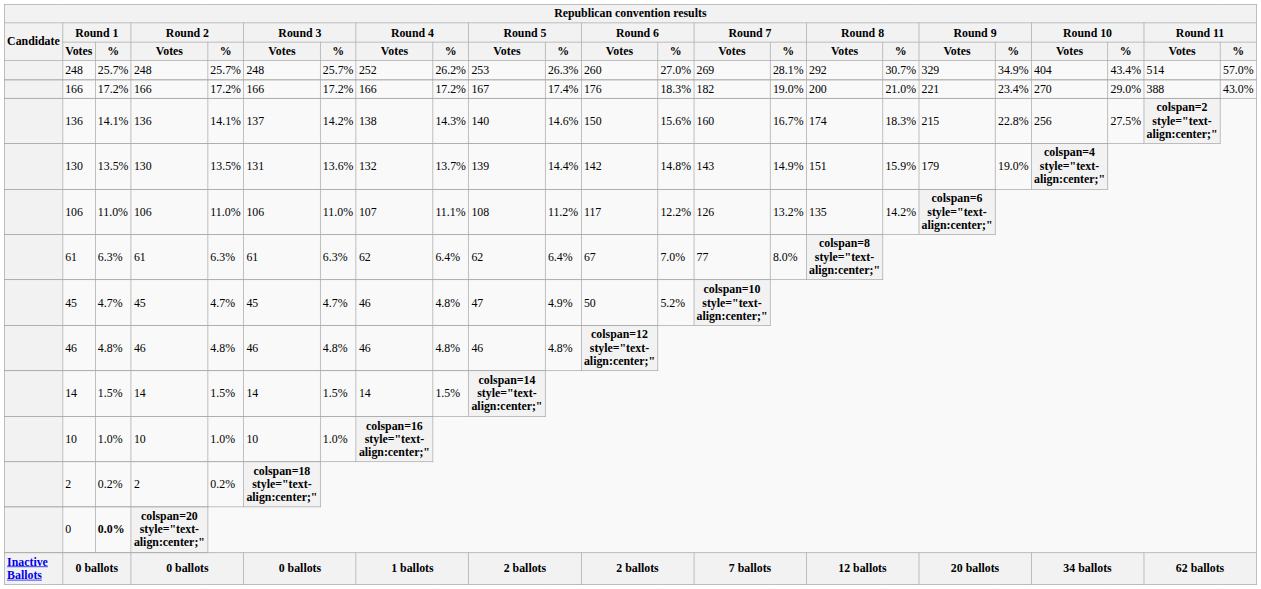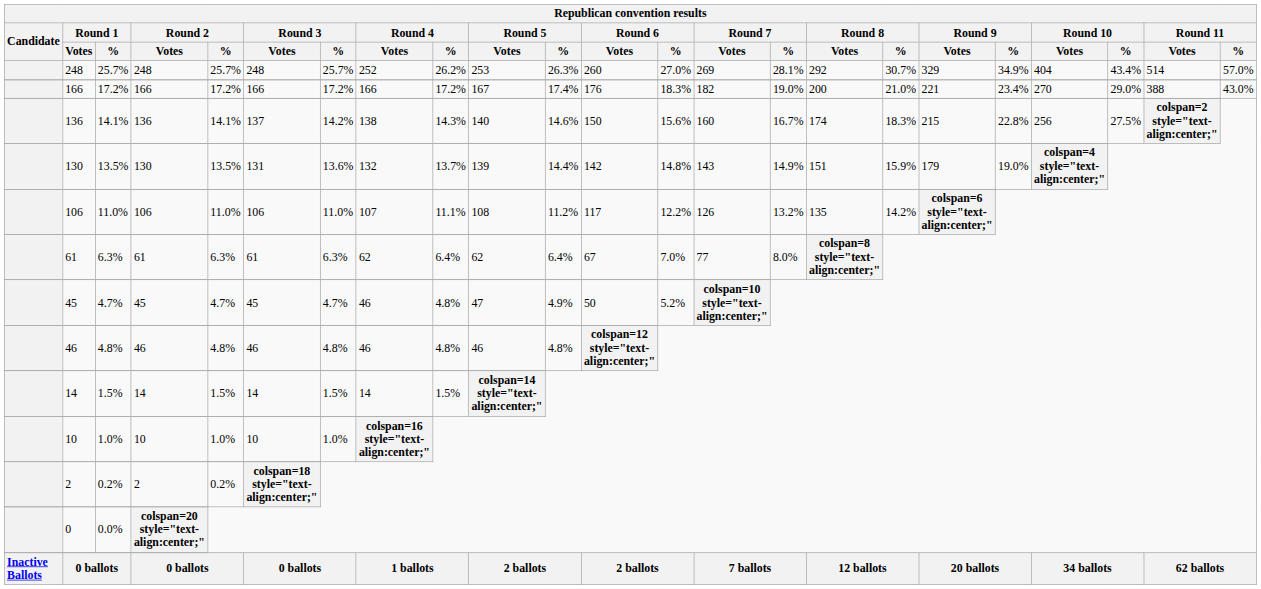 <table class="wikitable sortable">
 <tr>
 <th colspan=" 23 ">Republican convention results</th>
 </tr>
 <tr style="background:#eee; text-align:center;">
 <th rowspan=2 style="text-align:center;">Candidate</th>
 <th colspan=2 style="text-align:center;">Round 1</th>
 <th colspan=2 style="text-align:center;">Round 2</th>
 <th colspan=2 style="text-align:center;">Round 3</th>
 <th colspan=2 style="text-align:center;">Round 4</th>
 <th colspan=2 style="text-align:center;">Round 5</th>
 <th colspan=2 style="text-align:center;">Round 6</th>
 <th colspan=2 style="text-align:center;">Round 7</th>
 <th colspan=2 style="text-align:center;">Round 8</th>
 <th colspan=2 style="text-align:center;">Round 9</th>
 <th colspan=2 style="text-align:center;">Round 10</th>
 <th colspan=2 style="text-align:center;">Round 11</th>
 </tr>
 <tr>
 <th>Votes</th>
 <th>%</th>
 <th>Votes</th>
 <th>%</th>
 <th>Votes</th>
 <th>%</th>
 <th>Votes</th>
 <th>%</th>
 <th>Votes</th>
 <th>%</th>
 <th>Votes</th>
 <th>%</th>
 <th>Votes</th>
 <th>%</th>
 <th>Votes</th>
 <th>%</th>
 <th>Votes</th>
 <th>%</th>
 <th>Votes</th>
 <th>%</th>
 <th>Votes</th>
 <th>%</th>
 </tr>
 <tr>
 <th scope="row" style="text-align:left;"></th>
 <td>248</td>
 <td>25.7%</td>
 <td>248</td>
 <td>25.7%</td>
 <td>248</td>
 <td>25.7%</td>
 <td>252</td>
 <td>26.2%</td>
 <td>253</td>
 <td>26.3%</td>
 <td>260</td>
 <td>27.0%</td>
 <td>269</td>
 <td>28.1%</td>
 <td>292</td>
 <td>30.7%</td>
 <td>329</td>
 <td>34.9%</td>
 <td>404</td>
 <td>43.4%</td>
 <td> 514</td>
 <td> 57.0%</td>
 </tr>
 <tr>
 </tr>
 <tr>
 <th scope="row" style="text-align:left;"></th>
 <td>166</td>
 <td>17.2%</td>
 <td>166</td>
 <td>17.2%</td>
 <td>166</td>
 <td>17.2%</td>
 <td>166</td>
 <td>17.2%</td>
 <td>167</td>
 <td>17.4%</td>
 <td>176</td>
 <td>18.3%</td>
 <td>182</td>
 <td>19.0%</td>
 <td>200</td>
 <td>21.0%</td>
 <td>221</td>
 <td>23.4%</td>
 <td>270</td>
 <td>29.0%</td>
 <td>388</td>
 <td>43.0%</td>
 </tr>
 <tr>
 </tr>
 <tr>
 <th scope="row" style="text-align:left;"></th>
 <td>136</td>
 <td>14.1%</td>
 <td>136</td>
 <td>14.1%</td>
 <td>137</td>
 <td>14.2%</td>
 <td>138</td>
 <td>14.3%</td>
 <td>140</td>
 <td>14.6%</td>
 <td>150</td>
 <td>15.6%</td>
 <td>160</td>
 <td>16.7%</td>
 <td>174</td>
 <td>18.3%</td>
 <td>215</td>
 <td>22.8%</td>
 <td>256</td>
 <td>27.5%</td>
 <th>colspan=2 style="text-align:center;" </th>
 </tr>
 <tr>
 </tr>
 <tr>
 <th scope="row" style="text-align:left;"></th>
 <td>130</td>
 <td>13.5%</td>
 <td>130</td>
 <td>13.5%</td>
 <td>131</td>
 <td>13.6%</td>
 <td>132</td>
 <td>13.7%</td>
 <td>139</td>
 <td>14.4%</td>
 <td>142</td>
 <td>14.8%</td>
 <td>143</td>
 <td>14.9%</td>
 <td>151</td>
 <td>15.9%</td>
 <td>179</td>
 <td>19.0%</td>
 <th>colspan=4 style="text-align:center;" </th>
 </tr>
 <tr>
 </tr>
 <tr>
 <th scope="row" style="text-align:left;"></th>
 <td>106</td>
 <td>11.0%</td>
 <td>106</td>
 <td>11.0%</td>
 <td>106</td>
 <td>11.0%</td>
 <td>107</td>
 <td>11.1%</td>
 <td>108</td>
 <td>11.2%</td>
 <td>117</td>
 <td>12.2%</td>
 <td>126</td>
 <td>13.2%</td>
 <td>135</td>
 <td>14.2%</td>
 <th>colspan=6 style="text-align:center;" </th>
 </tr>
 <tr>
 </tr>
 <tr>
 <th scope="row" style="text-align:left;"></th>
 <td>61</td>
 <td>6.3%</td>
 <td>61</td>
 <td>6.3%</td>
 <td>61</td>
 <td>6.3%</td>
 <td>62</td>
 <td>6.4%</td>
 <td>62</td>
 <td>6.4%</td>
 <td>67</td>
 <td>7.0%</td>
 <td>77</td>
 <td>8.0%</td>
 <th>colspan=8 style="text-align:center;" </th>
 </tr>
 <tr>
 </tr>
 <tr>
 <th scope="row" style="text-align:left;"></th>
 <td>45</td>
 <td>4.7%</td>
 <td>45</td>
 <td>4.7%</td>
 <td>45</td>
 <td>4.7%</td>
 <td>46</td>
 <td>4.8%</td>
 <td>47</td>
 <td>4.9%</td>
 <td>50</td>
 <td>5.2%</td>
 <th>colspan=10 style="text-align:center;" </th>
 </tr>
 <tr>
 </tr>
 <tr>
 <th scope="row" style="text-align:left;"></th>
 <td>46</td>
 <td>4.8%</td>
 <td>46</td>
 <td>4.8%</td>
 <td>46</td>
 <td>4.8%</td>
 <td>46</td>
 <td>4.8%</td>
 <td>46</td>
 <td>4.8%</td>
 <th>colspan=12 style="text-align:center;" </th>
 </tr>
 <tr>
 </tr>
 <tr>
 <th scope="row" style="text-align:left;"></th>
 <td>14</td>
 <td>1.5%</td>
 <td>14</td>
 <td>1.5%</td>
 <td>14</td>
 <td>1.5%</td>
 <td>14</td>
 <td>1.5%</td>
 <th>colspan=14 style="text-align:center;" </th>
 </tr>
 <tr>
 </tr>
 <tr>
 <th scope="row" style="text-align:left;"></th>
 <td>10</td>
 <td>1.0%</td>
 <td>10</td>
 <td>1.0%</td>
 <td>10</td>
 <td>1.0%</td>
 <th>colspan=16 style="text-align:center;" </th>
 </tr>
 <tr>
 </tr>
 <tr>
 <th scope="row" style="text-align:left;"></th>
 <td>2</td>
 <td>0.2%</td>
 <td>2</td>
 <td>0.2%</td>
 <th>colspan=18 style="text-align:center;" </th>
 </tr>
 <tr>
 </tr>
 <tr>
 <th scope="row" style="text-align:left;"></th>
 <td>0</td>
-<td><strong>0.0%</strong></td>
+<td>0.0%</td>
 <th>colspan=20 style="text-align:center;" </th>
 </tr>
 <tr>
 </tr>
 <tr>
 <th scope="row" style="text-align:left;"><a href='#'>Inactive Ballots</a></th>
 <th colspan="2">0 ballots</th>
 <th colspan="2">0 ballots</th>
 <th colspan="2">0 ballots</th>
 <th colspan="2">1 ballots</th>
 <th colspan="2">2 ballots</th>
 <th colspan="2">2 ballots</th>
 <th colspan="2">7 ballots</th>
 <th colspan="2">12 ballots</th>
 <th colspan="2">20 ballots</th>
 <th colspan="2">34 ballots</th>
 <th colspan="2">62 ballots</th>
 </tr>
 </table>
